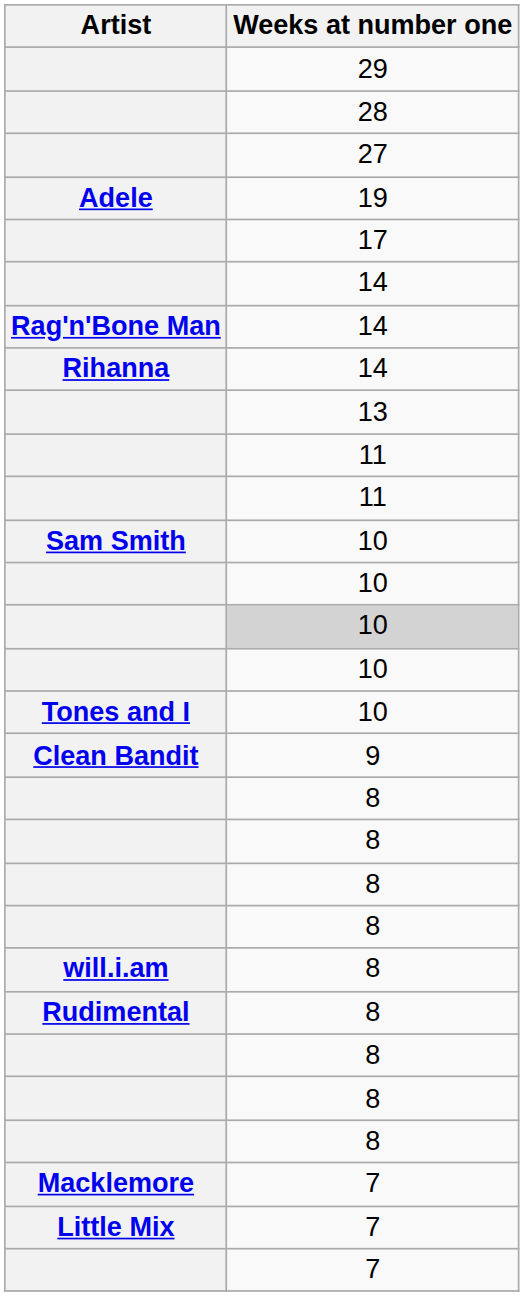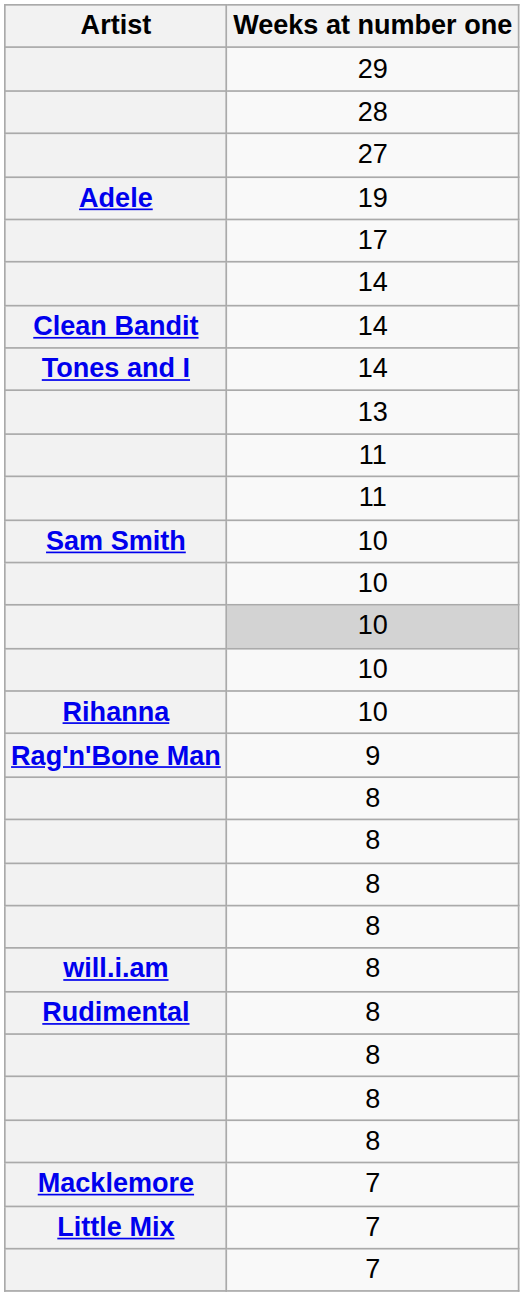 <table class="wikitable plainrowheaders sortable">
 <tr>
 <th scope=col>Artist</th>
 <th scope=col>Weeks at number one</th>
 </tr>
 <tr>
 <th scope=row></th>
 <td align=center>29</td>
 </tr>
 <tr>
 <th scope=row></th>
 <td align=center>28</td>
 </tr>
 <tr>
 <th scope=row></th>
 <td align=center>27</td>
 </tr>
 <tr>
 <th scope=row><a href='#'>Adele</a></th>
 <td align=center>19</td>
 </tr>
 <tr>
 <th scope=row></th>
 <td align=center>17</td>
 </tr>
 <tr>
 <th scope=row></th>
 <td align=center>14</td>
 </tr>
 <tr>
-<th scope=row><a href='#'>Rag'n'Bone Man</a></th>
+<th scope=row><a href='#'>Clean Bandit</a></th>
 <td align=center>14</td>
 </tr>
 <tr>
-<th scope=row><a href='#'>Rihanna</a></th>
+<th scope=row><a href='#'>Tones and I</a></th>
 <td align=center>14</td>
 </tr>
 <tr>
 <th scope=row></th>
 <td align=center>13</td>
 </tr>
 <tr>
 <th scope=row></th>
 <td align=center>11</td>
 </tr>
 <tr>
 <th scope=row></th>
 <td align=center>11</td>
 </tr>
 <tr>
 <th scope=row><a href='#'>Sam Smith</a></th>
 <td align=center>10</td>
 </tr>
 <tr>
 <th scope=row></th>
 <td align=center>10</td>
 </tr>
 <tr>
 <th scope=row></th>
 <td align=center style="background: lightgrey;">10</td>
 </tr>
 <tr>
 <th scope=row></th>
 <td align=center>10</td>
 </tr>
 <tr>
-<th scope=row><a href='#'>Tones and I</a></th>
+<th scope=row><a href='#'>Rihanna</a></th>
 <td align=center>10</td>
 </tr>
 <tr>
-<th scope=row><a href='#'>Clean Bandit</a></th>
+<th scope=row><a href='#'>Rag'n'Bone Man</a></th>
 <td align=center>9</td>
 </tr>
 <tr>
 <th scope=row></th>
 <td align=center>8</td>
 </tr>
 <tr>
 <th scope=row></th>
 <td align=center>8</td>
 </tr>
 <tr>
 <th scope=row></th>
 <td align=center>8</td>
 </tr>
 <tr>
 <th Scope=row></th>
 <td align=center>8</td>
 </tr>
 <tr>
 <th scope=row><a href='#'>will.i.am</a></th>
 <td align=center>8</td>
 </tr>
 <tr>
 <th scope=row><a href='#'>Rudimental</a></th>
 <td align=center>8</td>
 </tr>
 <tr>
 <th scope=row></th>
 <td align=center>8</td>
 </tr>
 <tr>
 <th scope=row></th>
 <td align=center>8</td>
 </tr>
 <tr>
 <th scope=row></th>
 <td align=center>8</td>
 </tr>
 <tr>
 <th scope=row><a href='#'>Macklemore</a></th>
 <td align=center>7</td>
 </tr>
 <tr>
 <th scope=row><a href='#'>Little Mix</a></th>
 <td align=center>7</td>
 </tr>
 <tr>
 <th scope=row></th>
 <td align=center>7</td>
 </tr>
 </table>
